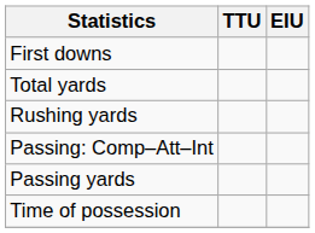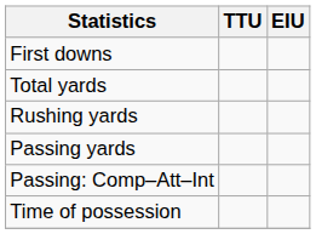 <table class="wikitable" style="float: left;">
 <tr>
 <th>Statistics</th>
 <th>TTU</th>
 <th>EIU</th>
 </tr>
 <tr>
 <td>First downs</td>
 <td></td>
 <td></td>
 </tr>
 <tr>
 <td>Total yards</td>
 <td></td>
 <td></td>
 </tr>
 <tr>
 <td>Rushing yards</td>
 <td></td>
 <td></td>
 </tr>
 <tr>
-<td>Passing: Comp–Att–Int</td>
+<td>Passing yards</td>
 <td></td>
 <td></td>
 </tr>
 <tr>
-<td>Passing yards</td>
+<td>Passing: Comp–Att–Int</td>
 <td></td>
 <td></td>
 </tr>
 <tr>
 <td>Time of possession</td>
 <td></td>
 <td></td>
 </tr>
 <tr>
 </tr>
 </table>
